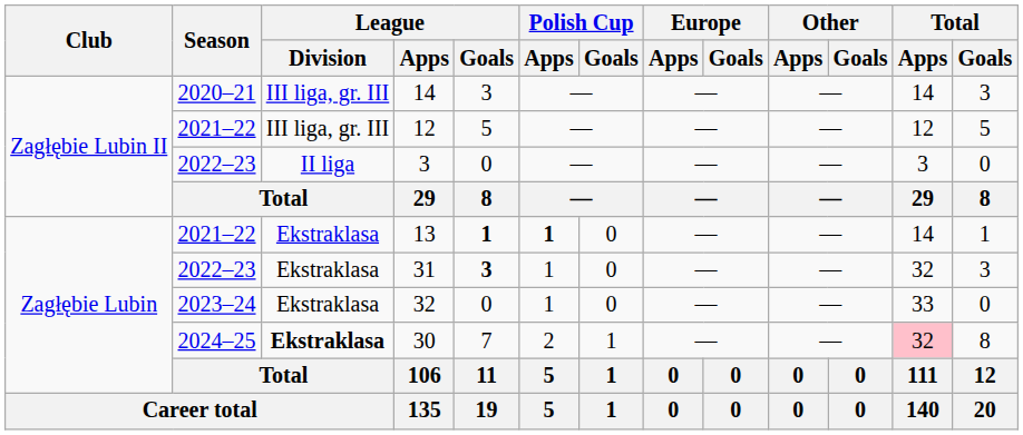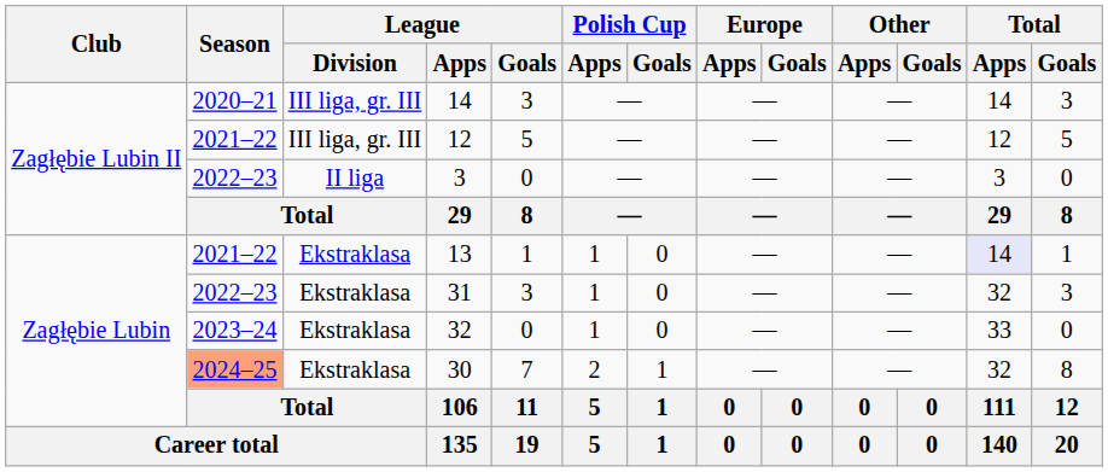 <table class="wikitable" style="text-align: center;">
 <tr>
 <th rowspan="2">Club</th>
 <th rowspan="2">Season</th>
 <th colspan="3">League</th>
 <th colspan="2"><a href='#'>Polish Cup</a></th>
 <th colspan="2">Europe</th>
 <th colspan="2">Other</th>
 <th colspan="2">Total</th>
 </tr>
 <tr>
 <th>Division</th>
 <th>Apps</th>
 <th>Goals</th>
 <th>Apps</th>
 <th>Goals</th>
 <th>Apps</th>
 <th>Goals</th>
 <th>Apps</th>
 <th>Goals</th>
 <th>Apps</th>
 <th>Goals</th>
 </tr>
 <tr>
 <td rowspan=4><a href='#'>Zagłębie Lubin II</a></td>
 <td><a href='#'>2020–21</a></td>
 <td><a href='#'>III liga, gr. III</a></td>
 <td>14</td>
 <td>3</td>
 <td colspan="2">—</td>
 <td colspan="2">—</td>
 <td colspan="2">—</td>
 <td>14</td>
 <td>3</td>
 </tr>
 <tr>
 <td><a href='#'>2021–22</a></td>
 <td>III liga, gr. III</td>
 <td>12</td>
 <td>5</td>
 <td colspan="2">—</td>
 <td colspan="2">—</td>
 <td colspan="2">—</td>
 <td>12</td>
 <td>5</td>
 </tr>
 <tr>
 <td><a href='#'>2022–23</a></td>
 <td><a href='#'>II liga</a></td>
 <td>3</td>
 <td>0</td>
 <td colspan="2">—</td>
 <td colspan="2">—</td>
 <td colspan="2">—</td>
 <td>3</td>
 <td>0</td>
 </tr>
 <tr>
 <th colspan="2">Total</th>
 <th>29</th>
 <th>8</th>
 <th colspan="2">—</th>
 <th colspan="2">—</th>
 <th colspan="2">—</th>
 <th>29</th>
 <th>8</th>
 </tr>
 <tr>
 <td rowspan=5><a href='#'>Zagłębie Lubin</a></td>
 <td><a href='#'>2021–22</a></td>
 <td><a href='#'>Ekstraklasa</a></td>
 <td>13</td>
-<td><strong>1</strong></td>
-<td><strong>1</strong></td>
+<td>1</td>
+<td>1</td>
 <td>0</td>
 <td colspan="2">—</td>
 <td colspan="2">—</td>
-<td>14</td>
+<td style="background: lavender;">14</td>
 <td>1</td>
 </tr>
 <tr>
 <td><a href='#'>2022–23</a></td>
 <td>Ekstraklasa</td>
 <td>31</td>
-<td><strong>3</strong></td>
+<td>3</td>
 <td>1</td>
 <td>0</td>
 <td colspan="2">—</td>
 <td colspan="2">—</td>
 <td>32</td>
 <td>3</td>
 </tr>
 <tr>
 <td><a href='#'>2023–24</a></td>
 <td>Ekstraklasa</td>
 <td>32</td>
 <td>0</td>
 <td>1</td>
 <td>0</td>
 <td colspan="2">—</td>
 <td colspan="2">—</td>
 <td>33</td>
 <td>0</td>
 </tr>
 <tr>
-<td><a href='#'>2024–25</a></td>
-<td><strong>Ekstraklasa</strong></td>
+<td style="background: lightsalmon;"><a href='#'>2024–25</a></td>
+<td>Ekstraklasa</td>
 <td>30</td>
 <td>7</td>
 <td>2</td>
 <td>1</td>
 <td colspan="2">—</td>
 <td colspan="2">—</td>
-<td style="background: pink;">32</td>
+<td>32</td>
 <td>8</td>
 </tr>
 <tr>
 <th colspan="2">Total</th>
 <th>106</th>
 <th>11</th>
 <th>5</th>
 <th>1</th>
 <th>0</th>
 <th>0</th>
 <th>0</th>
 <th>0</th>
 <th>111</th>
 <th>12</th>
 </tr>
 <tr>
 <th colspan="3">Career total</th>
 <th>135</th>
 <th>19</th>
 <th>5</th>
 <th>1</th>
 <th>0</th>
 <th>0</th>
 <th>0</th>
 <th>0</th>
 <th>140</th>
 <th>20</th>
 </tr>
 </table>
